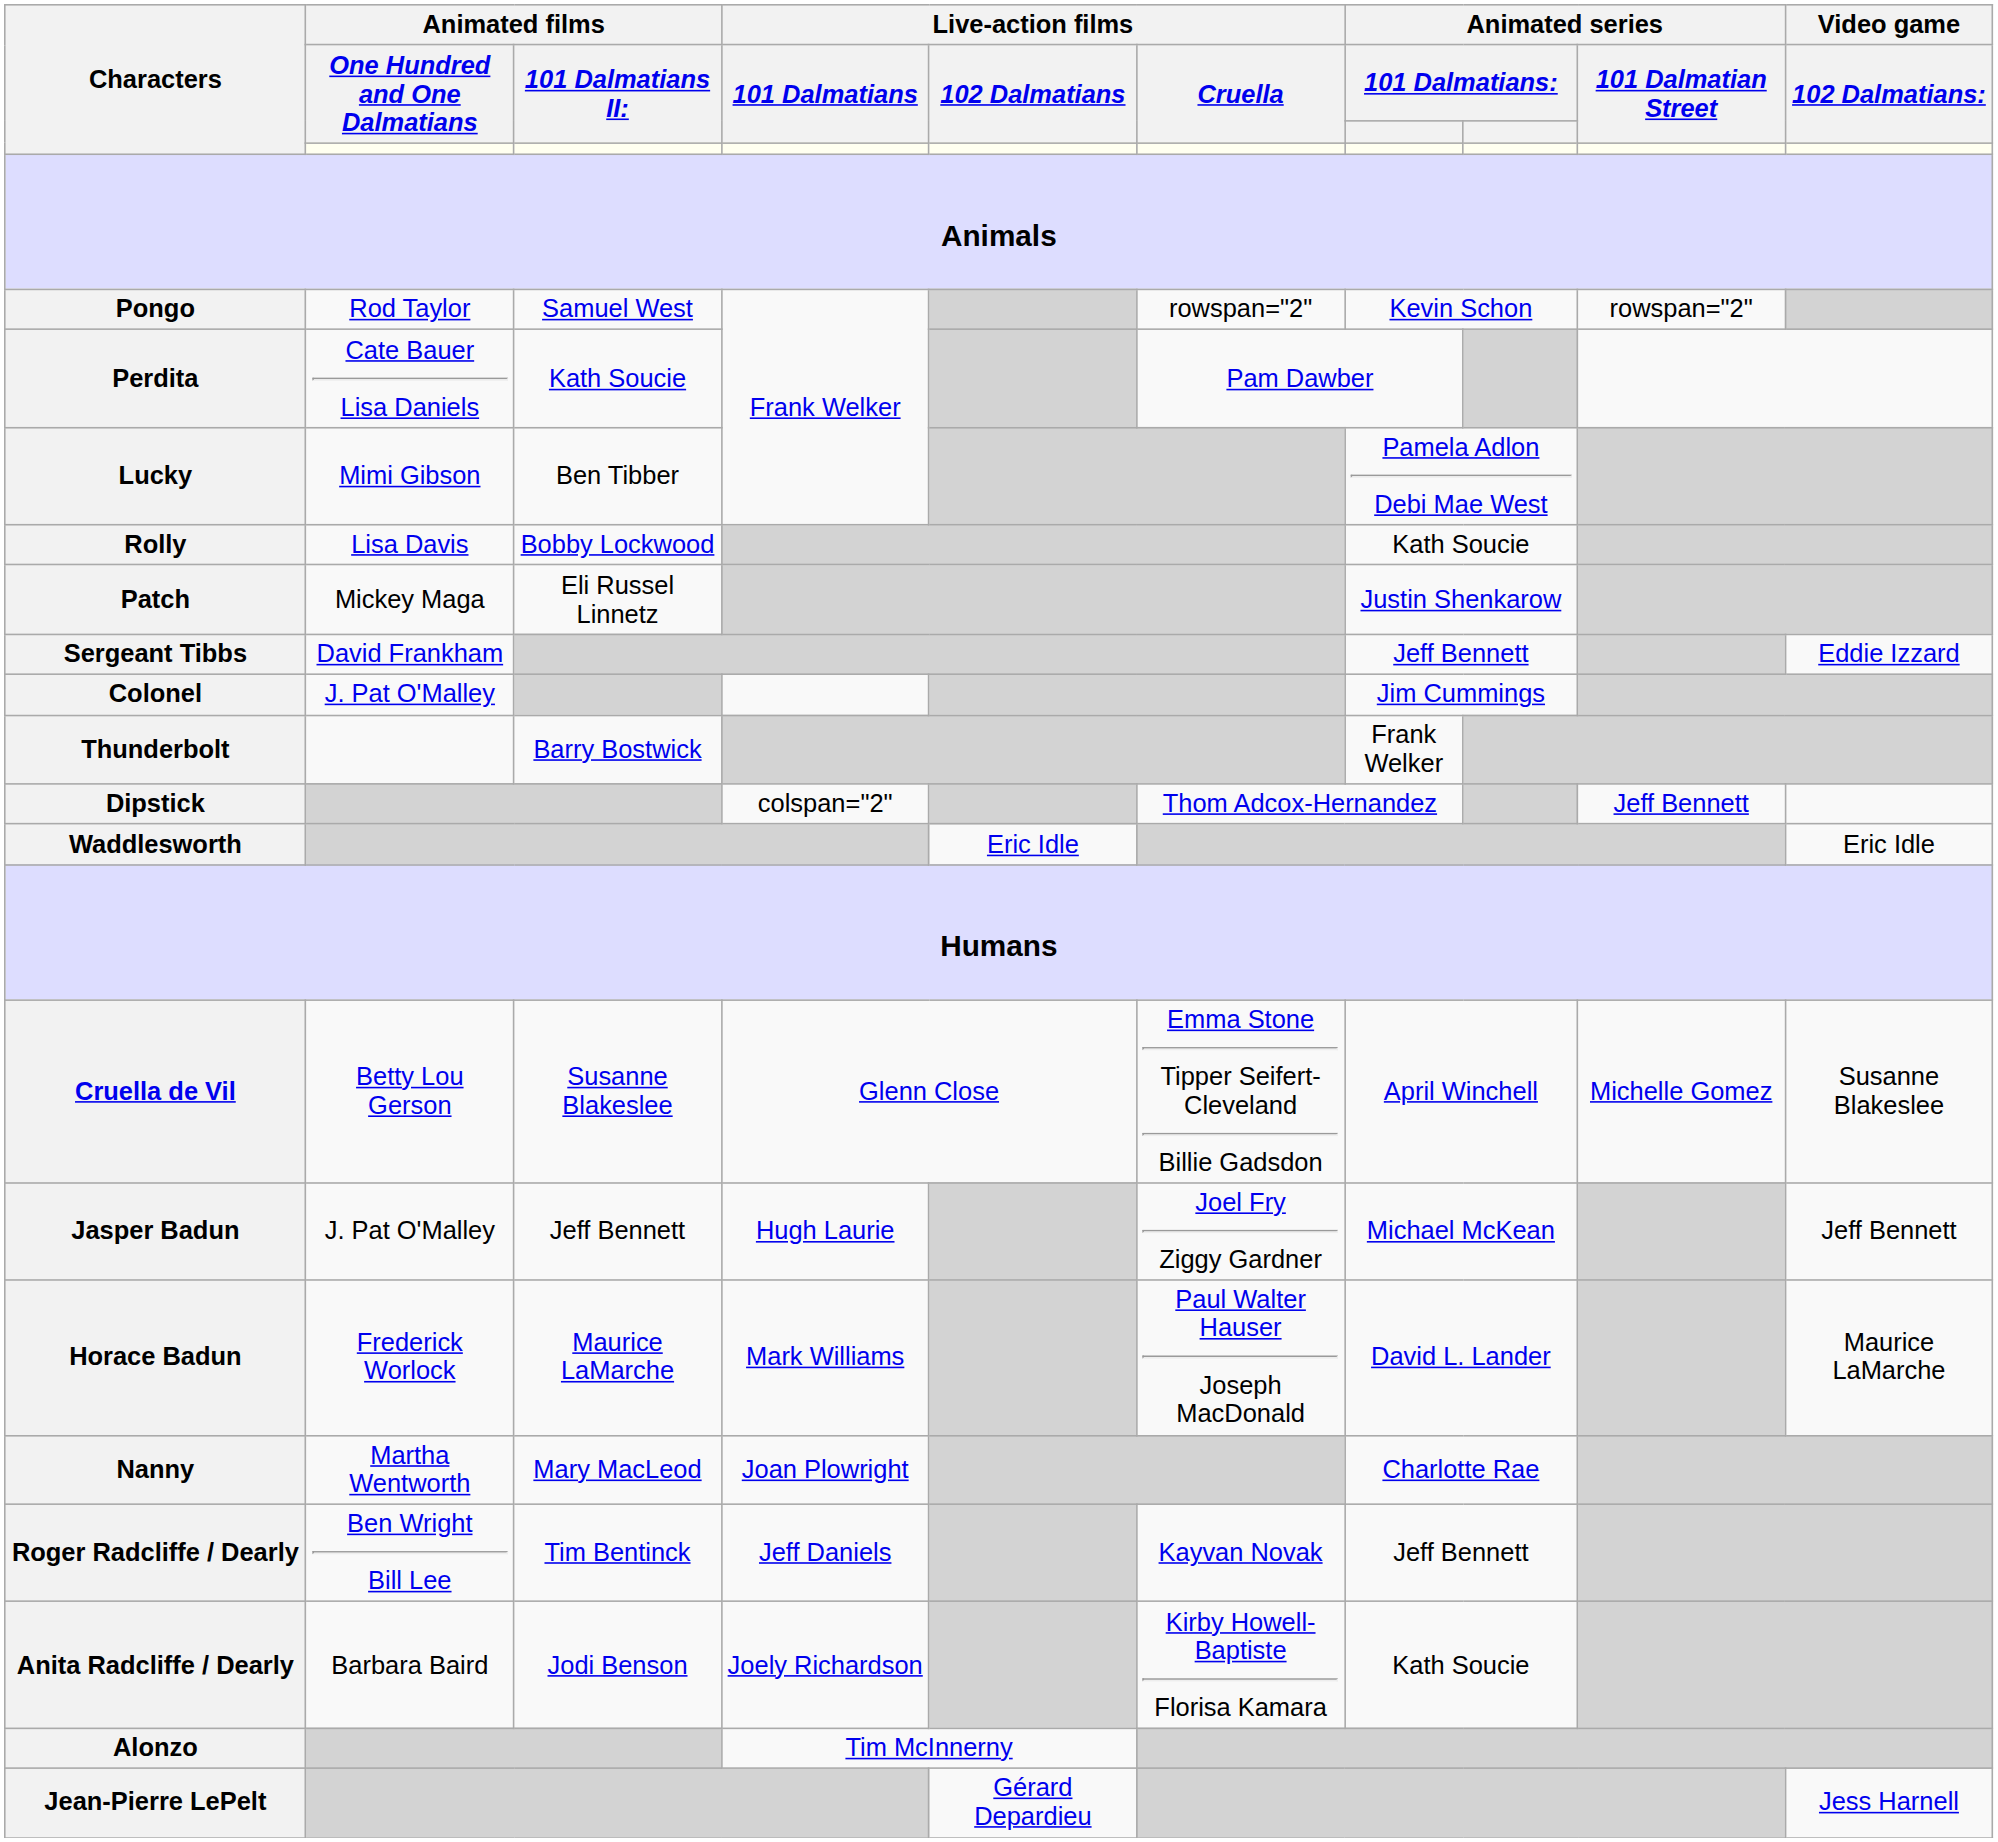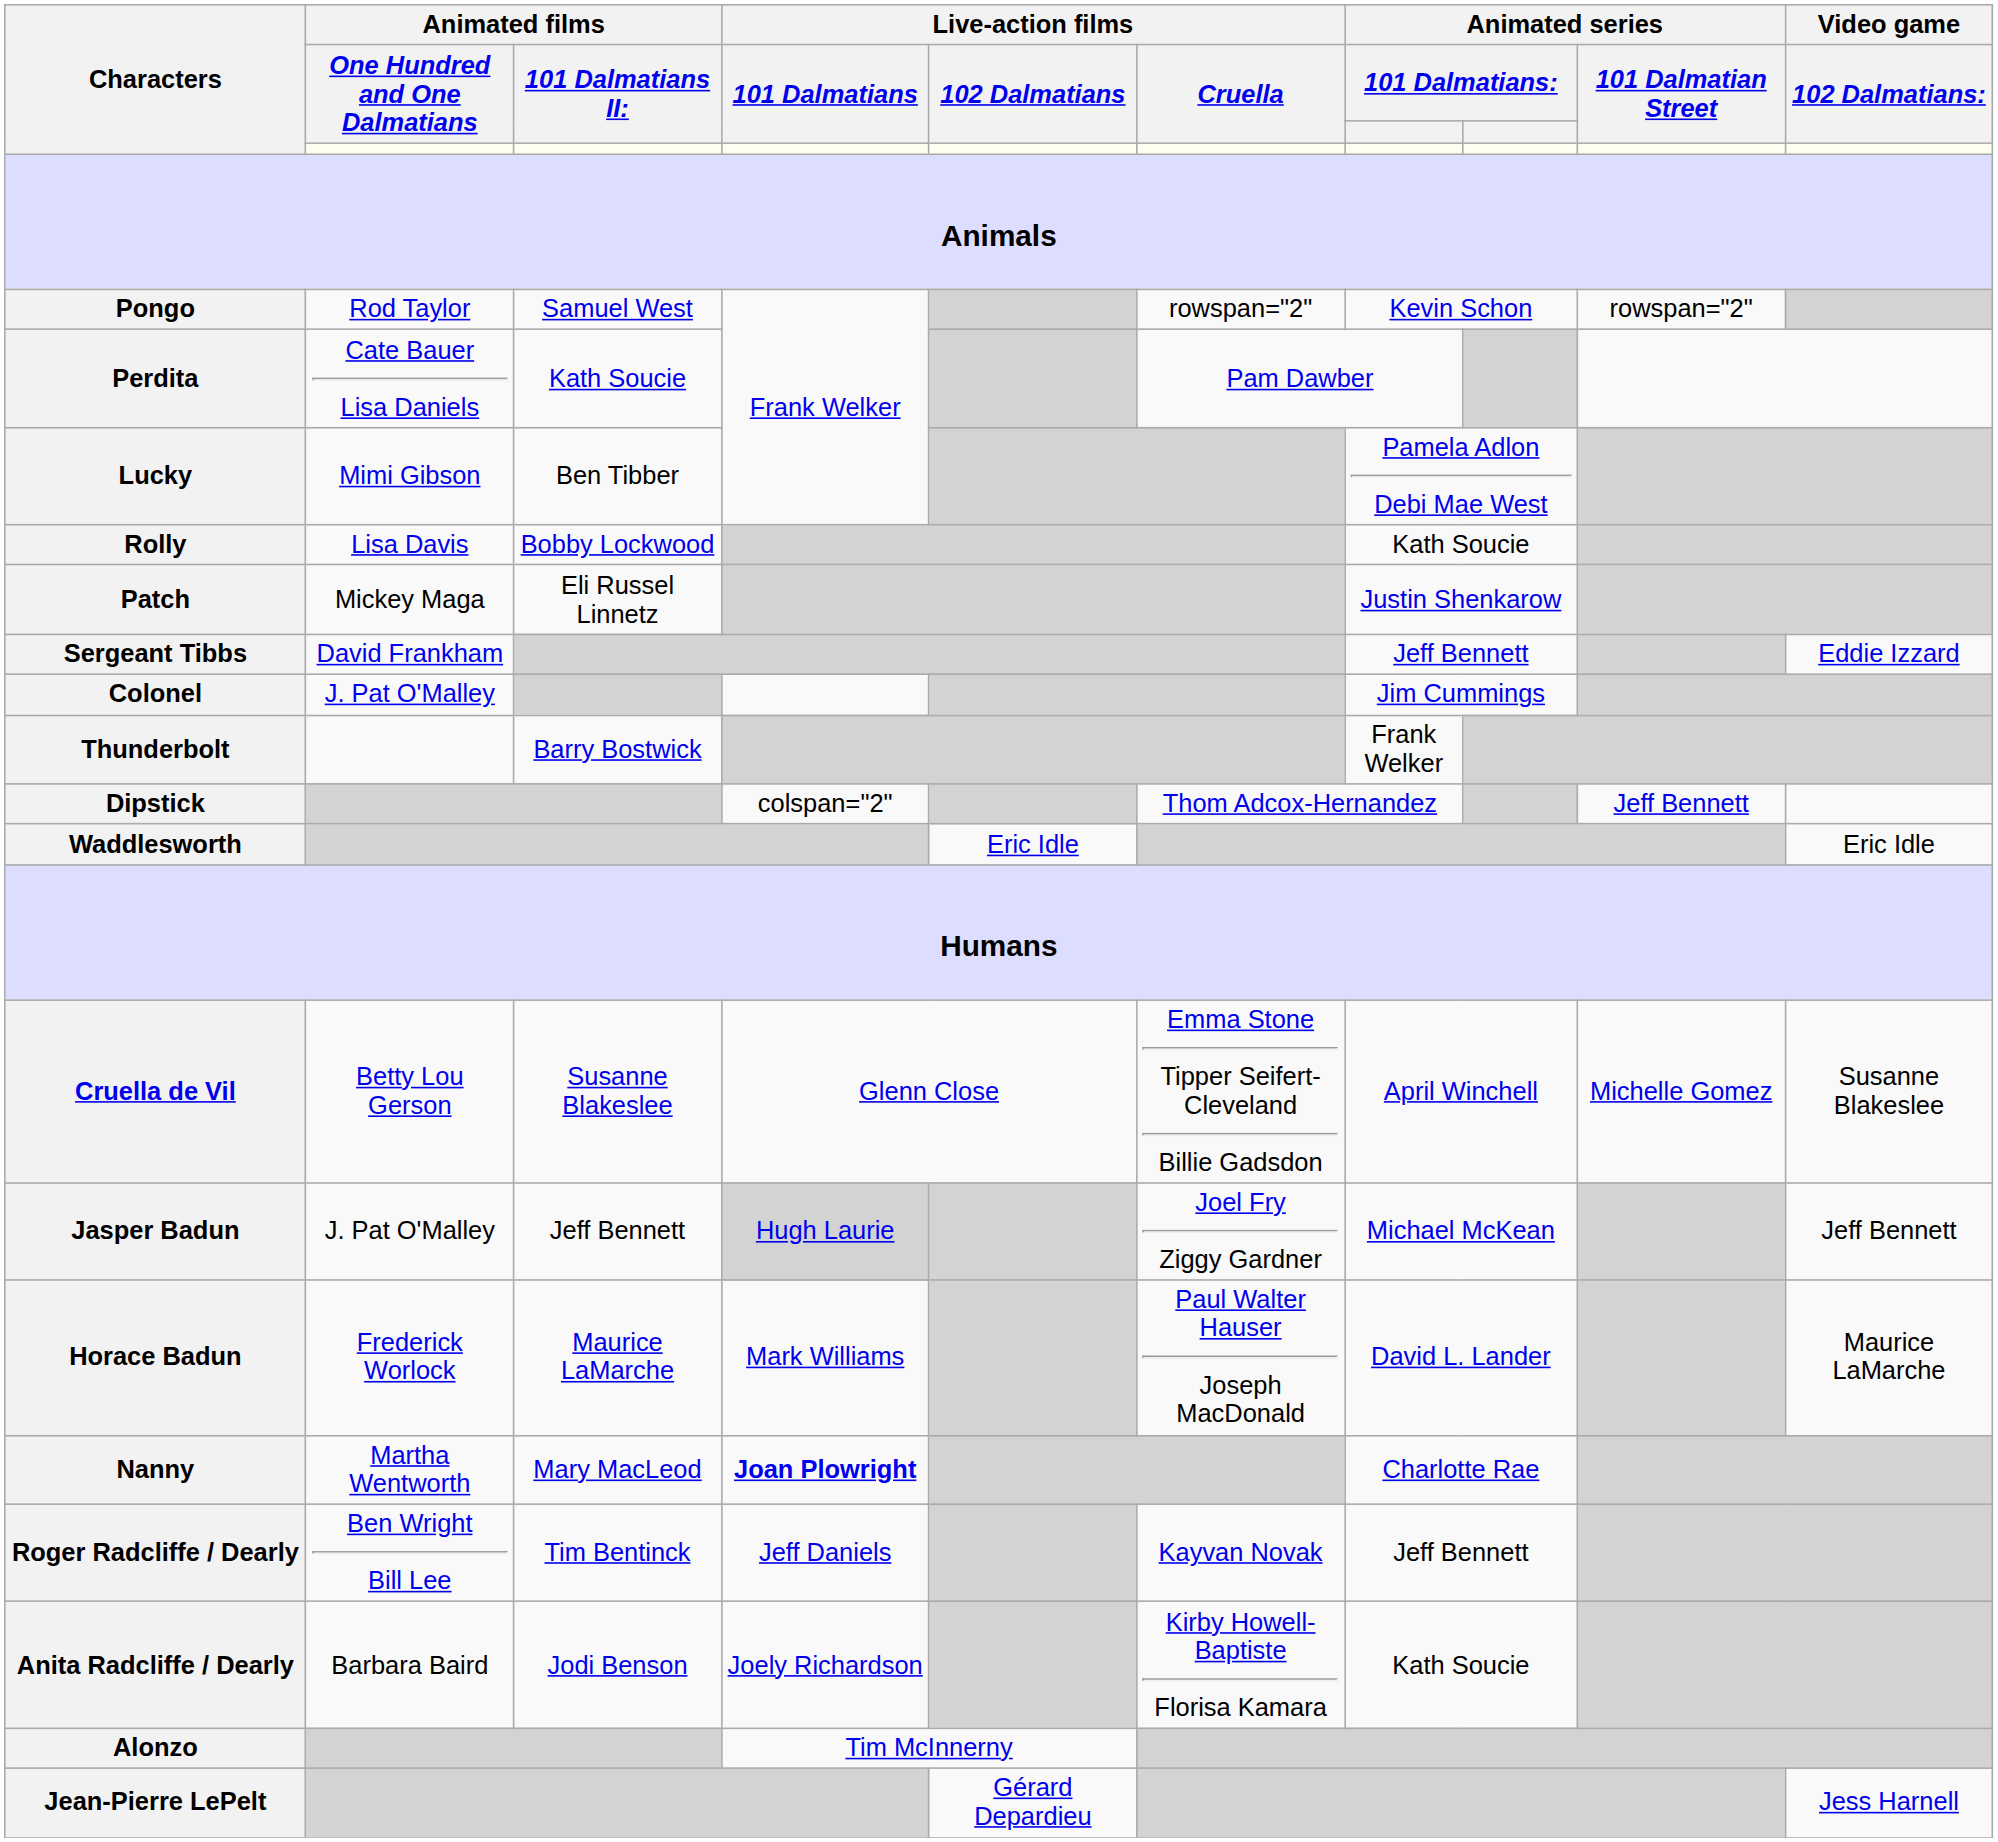 <table class="wikitable" style="text-align:center; width:99%;">
 <tr>
 <th rowspan="4" style="width:14.5%;">Characters</th>
 <th colspan="2">Animated films</th>
 <th colspan="3">Live-action films</th>
 <th colspan="3">Animated series</th>
 <th>Video game</th>
 </tr>
 <tr>
 <th rowspan="2" style="width:10%;"><em><a href='#'>One Hundred and One Dalmatians</a></em></th>
 <th rowspan="2" style="width:10%;"><em><a href='#'>101 Dalmatians II: </a></em></th>
 <th rowspan="2" style="width:10%;"><em><a href='#'>101 Dalmatians</a></em></th>
 <th rowspan="2" style="width:10%;"><em><a href='#'>102 Dalmatians</a></em></th>
 <th rowspan="2" style="width:10%;"><em><a href='#'>Cruella</a></em></th>
 <th colspan="2"><em><a href='#'>101 Dalmatians: <br></a></em></th>
 <th rowspan="2" style="width:10%;"><em><a href='#'>101 Dalmatian Street</a></em></th>
 <th rowspan="2" style="width:10%;"><em><a href='#'>102 Dalmatians: <br></a></em></th>
 </tr>
 <tr>
 <th style="width:5.5%;"><a href='#'></a></th>
 <th style="width:5.5%;"><a href='#'></a></th>
 </tr>
 <tr>
 <td style="background:ivory;"></td>
 <td style="background:ivory;"></td>
 <td style="background:ivory;"></td>
 <td style="background:ivory;"></td>
 <td style="background:ivory;"></td>
 <td style="background:ivory;"></td>
 <td style="background:ivory;"></td>
 <td style="background:ivory;"></td>
 <td style="background:ivory;"></td>
 </tr>
 <tr>
 <th scope="row" colspan="10" style="background:#ddf;"><br><h3>Animals</h3></th>
 </tr>
 <tr>
 <th>Pongo</th>
 <td><a href='#'>Rod Taylor</a></td>
 <td><a href='#'>Samuel West</a></td>
 <td rowspan="3"><a href='#'>Frank Welker</a></td>
 <td style="background:lightgrey;"> </td>
 <td>rowspan="2" </td>
 <td colspan="2"><a href='#'>Kevin Schon</a></td>
 <td>rowspan="2" </td>
 <td style="background:lightgrey;"> </td>
 </tr>
 <tr>
 <th>Perdita</th>
 <td><a href='#'>Cate Bauer</a><hr><a href='#'>Lisa Daniels</a></td>
 <td><a href='#'>Kath Soucie</a></td>
 <td style="background:lightgrey;"> </td>
 <td colspan="2"><a href='#'>Pam Dawber</a></td>
 <td style="background:lightgrey;"> </td>
 </tr>
 <tr>
 <th>Lucky</th>
 <td><a href='#'>Mimi Gibson</a></td>
 <td>Ben Tibber</td>
 <td colspan="2" style="background:lightgrey;"> </td>
 <td colspan="2"><a href='#'>Pamela Adlon</a><hr><a href='#'>Debi Mae West</a></td>
 <td colspan="2" style="background:lightgrey;"> </td>
 </tr>
 <tr>
 <th>Rolly</th>
 <td><a href='#'>Lisa Davis</a></td>
 <td><a href='#'>Bobby Lockwood</a></td>
 <td colspan="3" style="background:lightgrey;"> </td>
 <td colspan="2">Kath Soucie</td>
 <td colspan="2" style="background:lightgrey;"> </td>
 </tr>
 <tr>
 <th>Patch</th>
 <td>Mickey Maga</td>
 <td>Eli Russel Linnetz</td>
 <td colspan="3" style="background:lightgrey;"> </td>
 <td colspan="2"><a href='#'>Justin Shenkarow</a></td>
 <td colspan="2" style="background:lightgrey;"> </td>
 </tr>
 <tr>
 <th>Sergeant Tibbs</th>
 <td><a href='#'>David Frankham</a></td>
 <td colspan="4" style="background:lightgrey;"> </td>
 <td colspan="2"><a href='#'>Jeff Bennett</a></td>
 <td style="background:lightgrey;"> </td>
 <td><a href='#'>Eddie Izzard</a></td>
 </tr>
 <tr>
 <th>Colonel</th>
 <td><a href='#'>J. Pat O'Malley</a></td>
 <td style="background:lightgrey;"> </td>
 <td></td>
 <td colspan="2" style="background:lightgrey;"> </td>
 <td colspan="2"><a href='#'>Jim Cummings</a></td>
 <td colspan="2" style="background:lightgrey;"> </td>
 </tr>
 <tr>
 <th>Thunderbolt</th>
 <td></td>
 <td><a href='#'>Barry Bostwick</a></td>
 <td colspan="3" style="background:lightgrey;"> </td>
 <td>Frank Welker</td>
 <td colspan="3" style="background:lightgrey;"> </td>
 </tr>
 <tr>
 <th>Dipstick</th>
 <td colspan="2" style="background:lightgrey;"> </td>
 <td>colspan="2" </td>
 <td style="background:lightgrey;"> </td>
 <td colspan="2"><a href='#'>Thom Adcox-Hernandez</a></td>
 <td style="background:lightgrey;"> </td>
 <td><a href='#'>Jeff Bennett</a></td>
 </tr>
 <tr>
 <th>Waddlesworth</th>
 <td colspan="3" style="background:lightgrey;"> </td>
 <td><a href='#'>Eric Idle</a></td>
 <td colspan="4" style="background:lightgrey;"> </td>
 <td>Eric Idle</td>
 </tr>
 <tr>
 <th scope="row" colspan="11" style="background:#ddf;"><br><h3>Humans</h3></th>
 </tr>
 <tr>
 <th><a href='#'>Cruella de Vil</a></th>
 <td><a href='#'>Betty Lou Gerson</a></td>
 <td><a href='#'>Susanne Blakeslee</a></td>
 <td colspan="2"><a href='#'>Glenn Close</a></td>
 <td><a href='#'>Emma Stone</a><hr>Tipper Seifert-Cleveland<hr>Billie Gadsdon</td>
 <td colspan="2"><a href='#'>April Winchell</a></td>
 <td><a href='#'>Michelle Gomez</a></td>
 <td>Susanne Blakeslee</td>
 </tr>
 <tr>
 <th>Jasper Badun</th>
 <td>J. Pat O'Malley</td>
 <td>Jeff Bennett</td>
-<td><a href='#'>Hugh Laurie</a></td>
+<td style="background: lightgrey;"><a href='#'>Hugh Laurie</a></td>
 <td style="background:lightgrey;"> </td>
 <td><a href='#'>Joel Fry</a><hr>Ziggy Gardner</td>
 <td colspan="2"><a href='#'>Michael McKean</a></td>
 <td style="background:lightgrey;"> </td>
 <td>Jeff Bennett</td>
 </tr>
 <tr>
 <th>Horace Badun</th>
 <td><a href='#'>Frederick Worlock</a></td>
 <td><a href='#'>Maurice LaMarche</a></td>
 <td><a href='#'>Mark Williams</a></td>
 <td style="background:lightgrey;"> </td>
 <td><a href='#'>Paul Walter Hauser</a><hr>Joseph MacDonald</td>
 <td colspan="2"><a href='#'>David L. Lander</a></td>
 <td style="background:lightgrey;"> </td>
 <td>Maurice LaMarche</td>
 </tr>
 <tr>
 <th>Nanny</th>
 <td><a href='#'>Martha Wentworth</a></td>
 <td><a href='#'>Mary MacLeod</a></td>
-<td><a href='#'>Joan Plowright</a></td>
+<td><strong><a href='#'>Joan Plowright</a></strong></td>
 <td colspan="2" style="background:lightgrey;"> </td>
 <td colspan="2"><a href='#'>Charlotte Rae</a></td>
 <td colspan="2" style="background:lightgrey;"> </td>
 </tr>
 <tr>
 <th>Roger Radcliffe / Dearly</th>
 <td><a href='#'>Ben Wright</a><hr><a href='#'>Bill Lee</a></td>
 <td><a href='#'>Tim Bentinck</a></td>
 <td><a href='#'>Jeff Daniels</a></td>
 <td style="background:lightgrey;"> </td>
 <td><a href='#'>Kayvan Novak</a></td>
 <td colspan="2">Jeff Bennett</td>
 <td colspan="2" style="background:lightgrey;"> </td>
 </tr>
 <tr>
 <th>Anita Radcliffe / Dearly</th>
 <td>Barbara Baird</td>
 <td><a href='#'>Jodi Benson</a></td>
 <td><a href='#'>Joely Richardson</a></td>
 <td style="background:lightgrey;"> </td>
 <td><a href='#'>Kirby Howell-Baptiste</a><hr>Florisa Kamara</td>
 <td colspan="2">Kath Soucie</td>
 <td colspan="2" style="background:lightgrey;"> </td>
 </tr>
 <tr>
 <th>Alonzo</th>
 <td colspan="2" style="background:lightgrey;"> </td>
 <td colspan="2"><a href='#'>Tim McInnerny</a></td>
 <td colspan="5" style="background:lightgrey;"> </td>
 </tr>
 <tr>
 <th>Jean-Pierre LePelt</th>
 <td colspan="3" style="background:lightgrey;"> </td>
 <td><a href='#'>Gérard Depardieu</a></td>
 <td colspan="4" style="background:lightgrey;"> </td>
 <td><a href='#'>Jess Harnell</a></td>
 </tr>
 </table>
